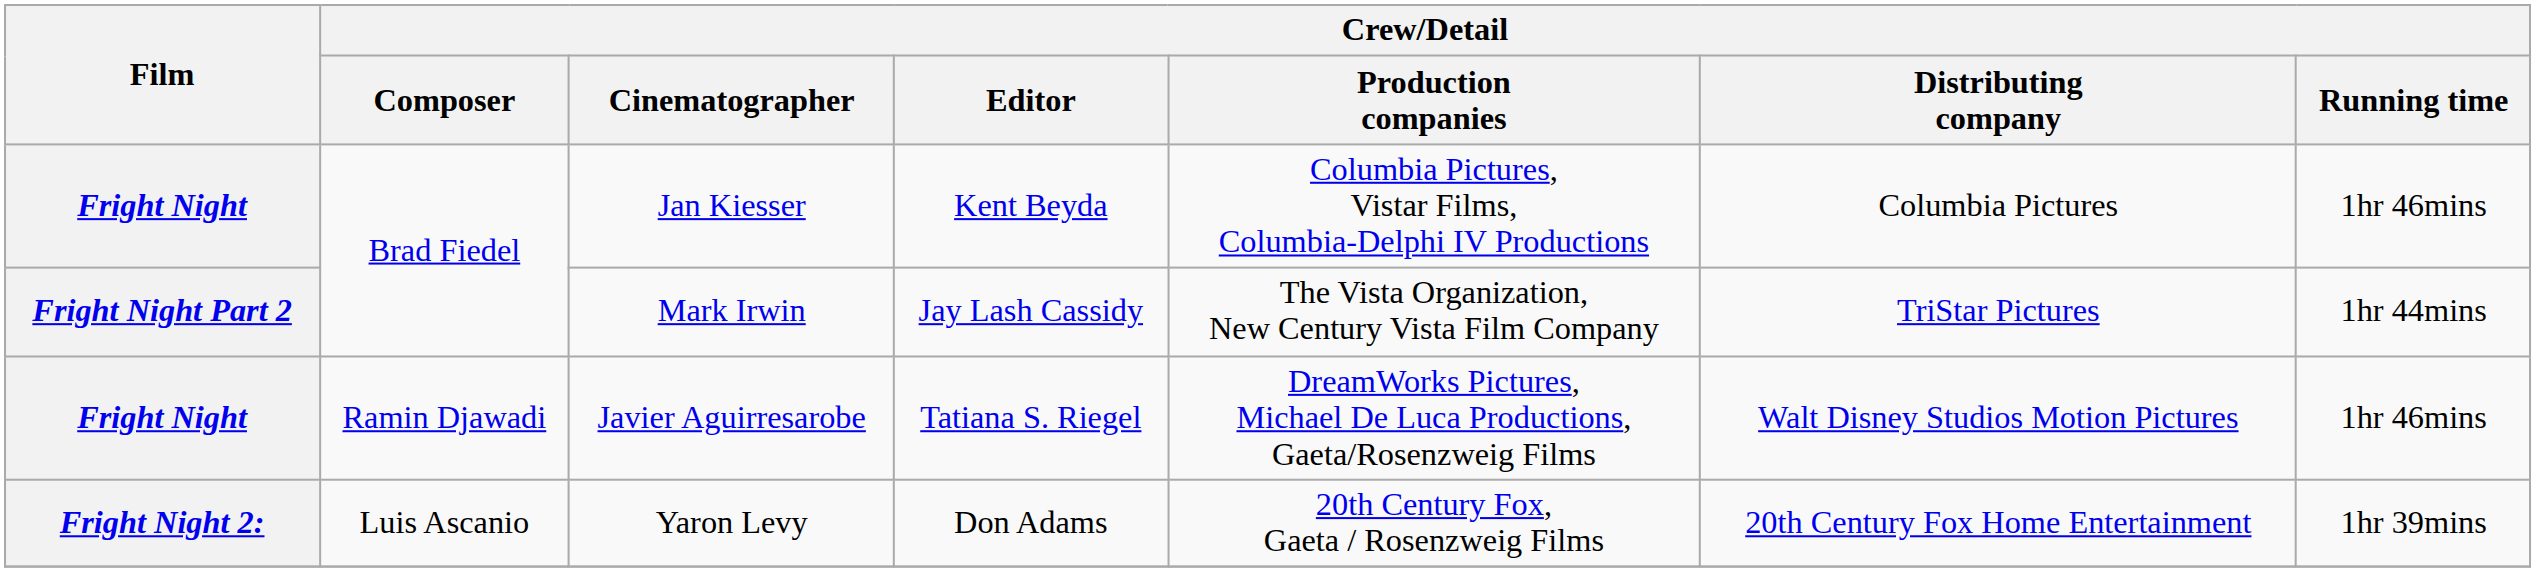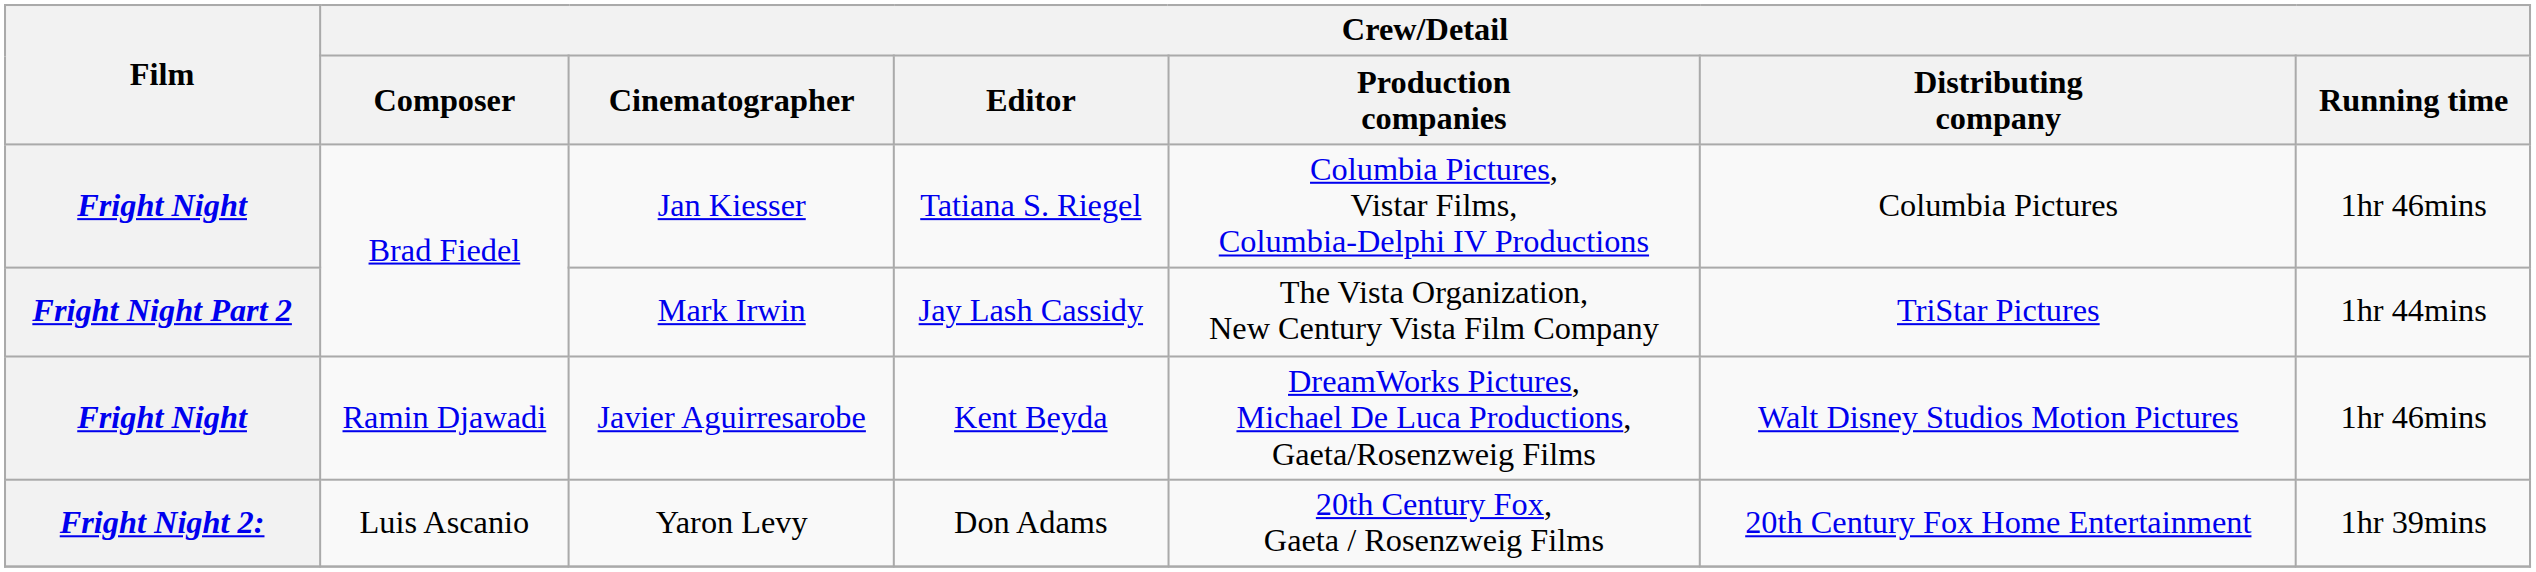 <table class="wikitable" style="text-align:center; width:99%;">
 <tr>
 <th rowspan="2">Film</th>
 <th colspan="8">Crew/Detail</th>
 </tr>
 <tr>
 <th style="text-align:center;">Composer</th>
 <th style="text-align:center;">Cinematographer</th>
 <th style="text-align:center;">Editor</th>
 <th style="text-align:center;">Production <br>companies</th>
 <th style="text-align:center;">Distributing <br>company</th>
 <th style="text-align:center;">Running time</th>
 </tr>
 <tr>
 <th><em><a href='#'>Fright Night</a></em> </th>
 <td rowspan="2"><a href='#'>Brad Fiedel</a></td>
 <td><a href='#'>Jan Kiesser</a></td>
-<td><a href='#'>Kent Beyda</a></td>
+<td><a href='#'>Tatiana S. Riegel</a></td>
 <td><a href='#'>Columbia Pictures</a>, <br>Vistar Films, <br><a href='#'>Columbia-Delphi IV Productions</a></td>
 <td>Columbia Pictures</td>
 <td>1hr 46mins</td>
 </tr>
 <tr>
 <th><em><a href='#'>Fright Night Part 2</a></em></th>
 <td><a href='#'>Mark Irwin</a></td>
 <td><a href='#'>Jay Lash Cassidy</a></td>
 <td>The Vista Organization, <br>New Century Vista Film Company</td>
 <td><a href='#'>TriStar Pictures</a></td>
 <td>1hr 44mins</td>
 </tr>
 <tr>
 <th><em><a href='#'>Fright Night</a></em> </th>
 <td><a href='#'>Ramin Djawadi</a></td>
 <td><a href='#'>Javier Aguirresarobe</a></td>
-<td><a href='#'>Tatiana S. Riegel</a></td>
+<td><a href='#'>Kent Beyda</a></td>
 <td><a href='#'>DreamWorks Pictures</a>, <br><a href='#'>Michael De Luca Productions</a>, <br>Gaeta/Rosenzweig Films</td>
 <td><a href='#'>Walt Disney Studios Motion Pictures</a></td>
 <td>1hr 46mins</td>
 </tr>
 <tr>
 <th><em><a href='#'>Fright Night 2: <br></a></em></th>
 <td>Luis Ascanio</td>
 <td>Yaron Levy</td>
 <td>Don Adams</td>
 <td><a href='#'>20th Century Fox</a>, <br>Gaeta / Rosenzweig Films</td>
 <td><a href='#'>20th Century Fox Home Entertainment</a></td>
 <td>1hr 39mins</td>
 </tr>
 <tr>
 </tr>
 </table>
